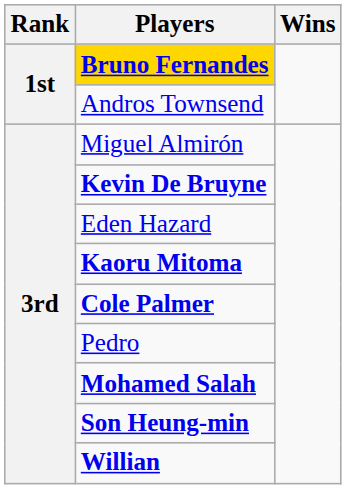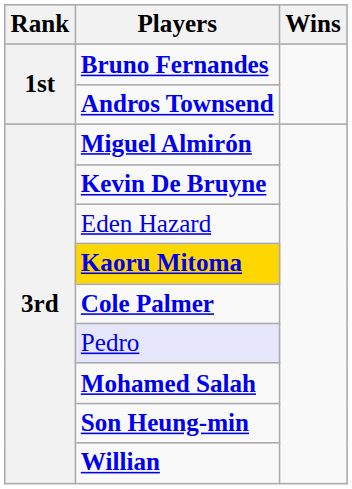 <table class="wikitable plainrowheaders sortable" style="border-collapse:collapse">
 <tr>
 <th scope="col">Rank</th>
 <th scope="col">Players</th>
 <th scope="col">Wins</th>
 </tr>
 <tr>
 <th scope="row" rowspan="2" style="text-align:center;">1st</th>
-<td style="background: gold;"> <strong><a href='#'>Bruno Fernandes</a></strong></td>
+<td> <strong><a href='#'>Bruno Fernandes</a></strong></td>
 <td align="center" rowspan="2"></td>
 </tr>
 <tr>
-<td> <a href='#'>Andros Townsend</a></td>
+<td><strong> <a href='#'>Andros Townsend</a></strong></td>
 </tr>
 <tr>
 <th scope="row" rowspan="9" style="text-align:center;">3rd</th>
-<td> <a href='#'>Miguel Almirón</a></td>
+<td><strong> <a href='#'>Miguel Almirón</a></strong></td>
 <td align="center" rowspan="9"></td>
 </tr>
 <tr>
 <td> <strong><a href='#'>Kevin De Bruyne</a></strong></td>
 </tr>
 <tr>
 <td> <a href='#'>Eden Hazard</a></td>
 </tr>
 <tr>
-<td> <strong><a href='#'>Kaoru Mitoma</a></strong></td>
+<td style="background: gold;"> <strong><a href='#'>Kaoru Mitoma</a></strong></td>
 </tr>
 <tr>
 <td> <strong><a href='#'>Cole Palmer</a></strong></td>
 </tr>
 <tr>
-<td> <a href='#'>Pedro</a></td>
+<td style="background: lavender;"> <a href='#'>Pedro</a></td>
 </tr>
 <tr>
 <td> <strong><a href='#'>Mohamed Salah</a></strong></td>
 </tr>
 <tr>
 <td> <strong><a href='#'>Son Heung-min</a></strong></td>
 </tr>
 <tr>
 <td> <strong><a href='#'>Willian</a></strong></td>
 </tr>
 </table>
